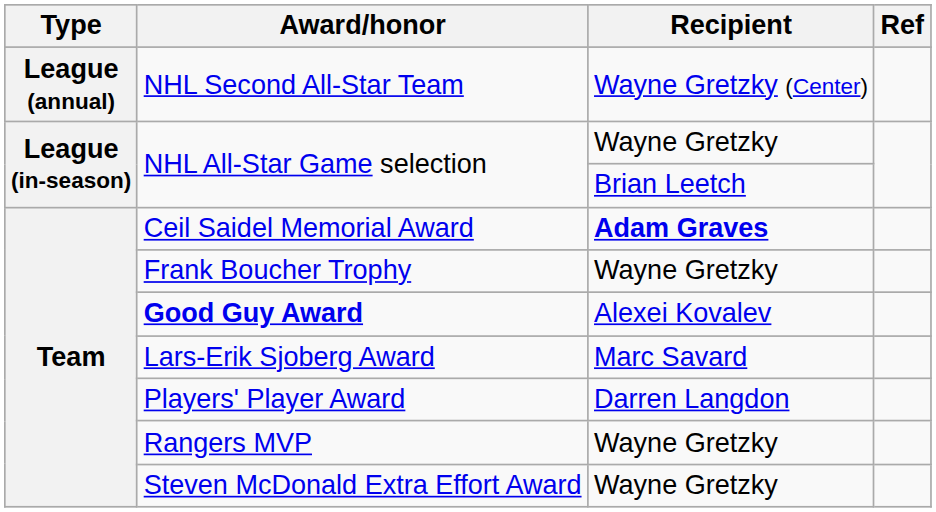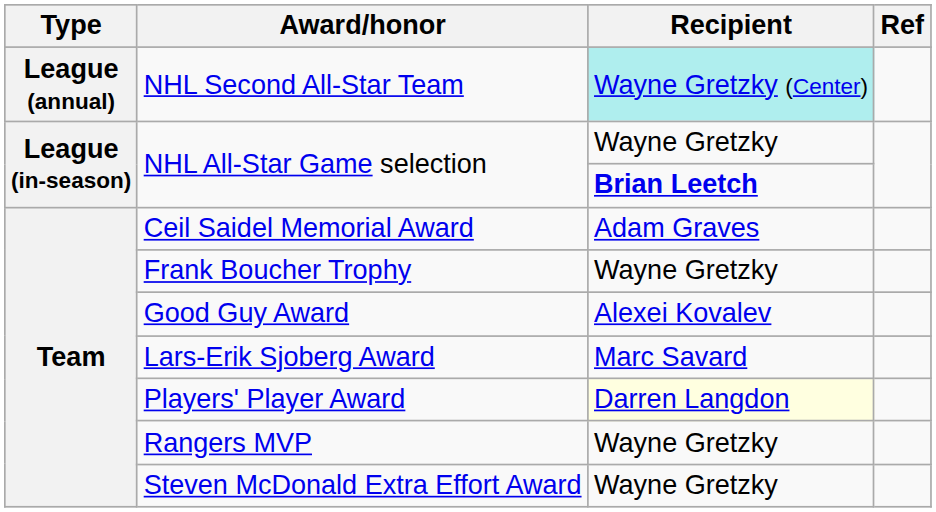 <table class="wikitable">
 <tr>
 <th scope="col">Type</th>
 <th scope="col">Award/honor</th>
 <th scope="col">Recipient</th>
 <th scope="col">Ref</th>
 </tr>
 <tr>
 <th scope="row">League<br><small>(annual)</small></th>
 <td><a href='#'>NHL Second All-Star Team</a></td>
-<td><a href='#'>Wayne Gretzky</a> <small>(<a href='#'>Center</a>)</small></td>
+<td style="background: paleturquoise;"><a href='#'>Wayne Gretzky</a> <small>(<a href='#'>Center</a>)</small></td>
 <td></td>
 </tr>
 <tr>
 <th scope="row" rowspan=2>League<br><small>(in-season)</small></th>
 <td rowspan=2><a href='#'>NHL All-Star Game</a> selection</td>
 <td>Wayne Gretzky</td>
 <td rowspan=2></td>
 </tr>
 <tr>
-<td><a href='#'>Brian Leetch</a></td>
+<td><strong><a href='#'>Brian Leetch</a></strong></td>
 </tr>
 <tr>
 <th scope="row" rowspan="7">Team</th>
 <td><a href='#'>Ceil Saidel Memorial Award</a></td>
-<td><strong><a href='#'>Adam Graves</a></strong></td>
+<td><a href='#'>Adam Graves</a></td>
 <td></td>
 </tr>
 <tr>
 <td><a href='#'>Frank Boucher Trophy</a></td>
 <td>Wayne Gretzky</td>
 <td></td>
 </tr>
 <tr>
-<td><strong><a href='#'>Good Guy Award</a></strong></td>
+<td><a href='#'>Good Guy Award</a></td>
 <td><a href='#'>Alexei Kovalev</a></td>
 <td></td>
 </tr>
 <tr>
 <td><a href='#'>Lars-Erik Sjoberg Award</a></td>
 <td><a href='#'>Marc Savard</a></td>
 <td></td>
 </tr>
 <tr>
 <td><a href='#'>Players' Player Award</a></td>
-<td><a href='#'>Darren Langdon</a></td>
+<td style="background: lightyellow;"><a href='#'>Darren Langdon</a></td>
 <td></td>
 </tr>
 <tr>
 <td><a href='#'>Rangers MVP</a></td>
 <td>Wayne Gretzky</td>
 <td></td>
 </tr>
 <tr>
 <td><a href='#'>Steven McDonald Extra Effort Award</a></td>
 <td>Wayne Gretzky</td>
 <td></td>
 </tr>
 </table>
